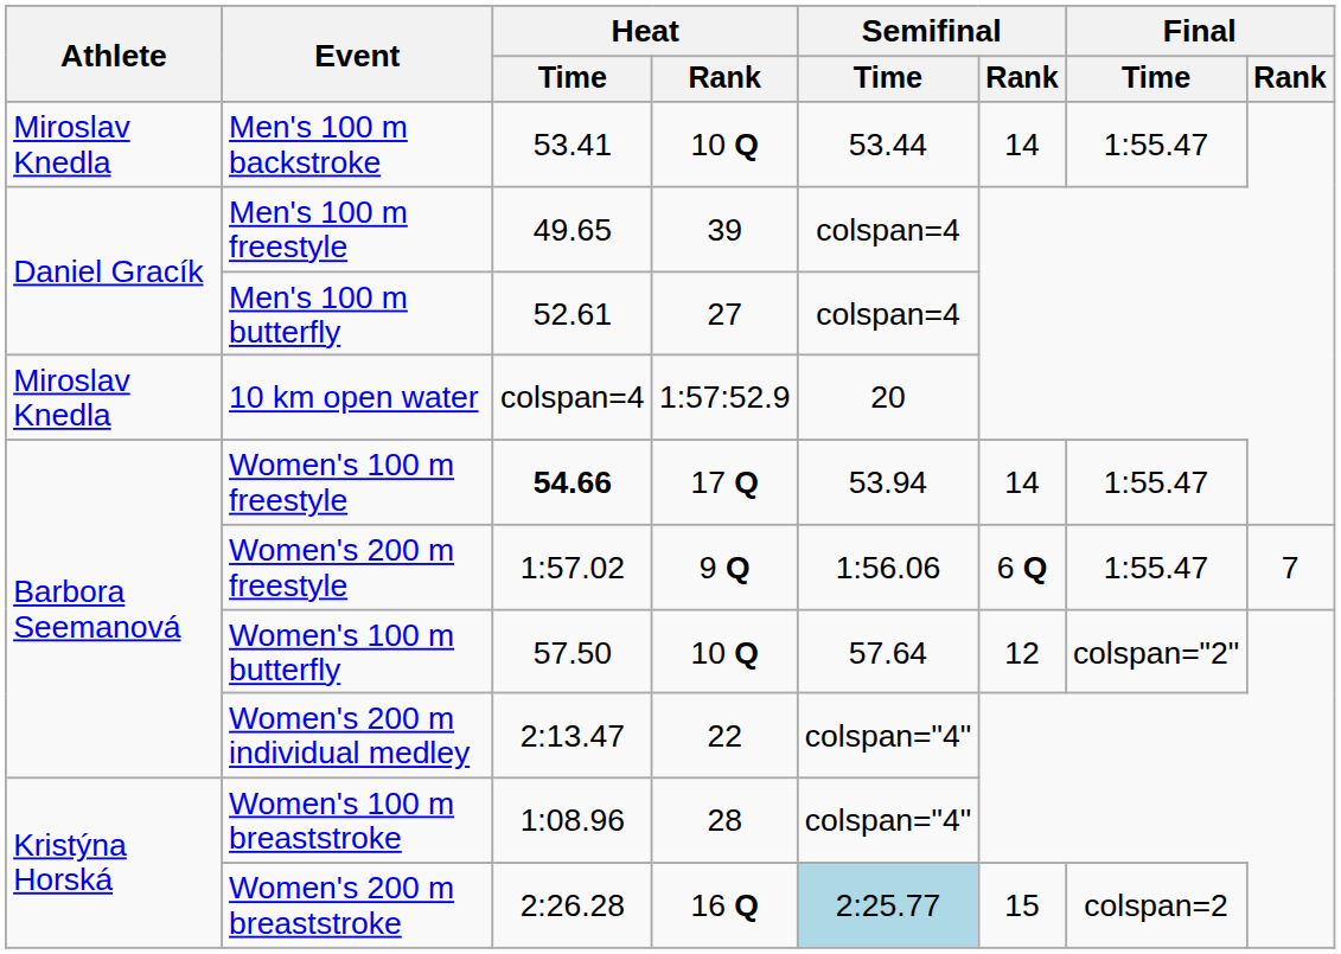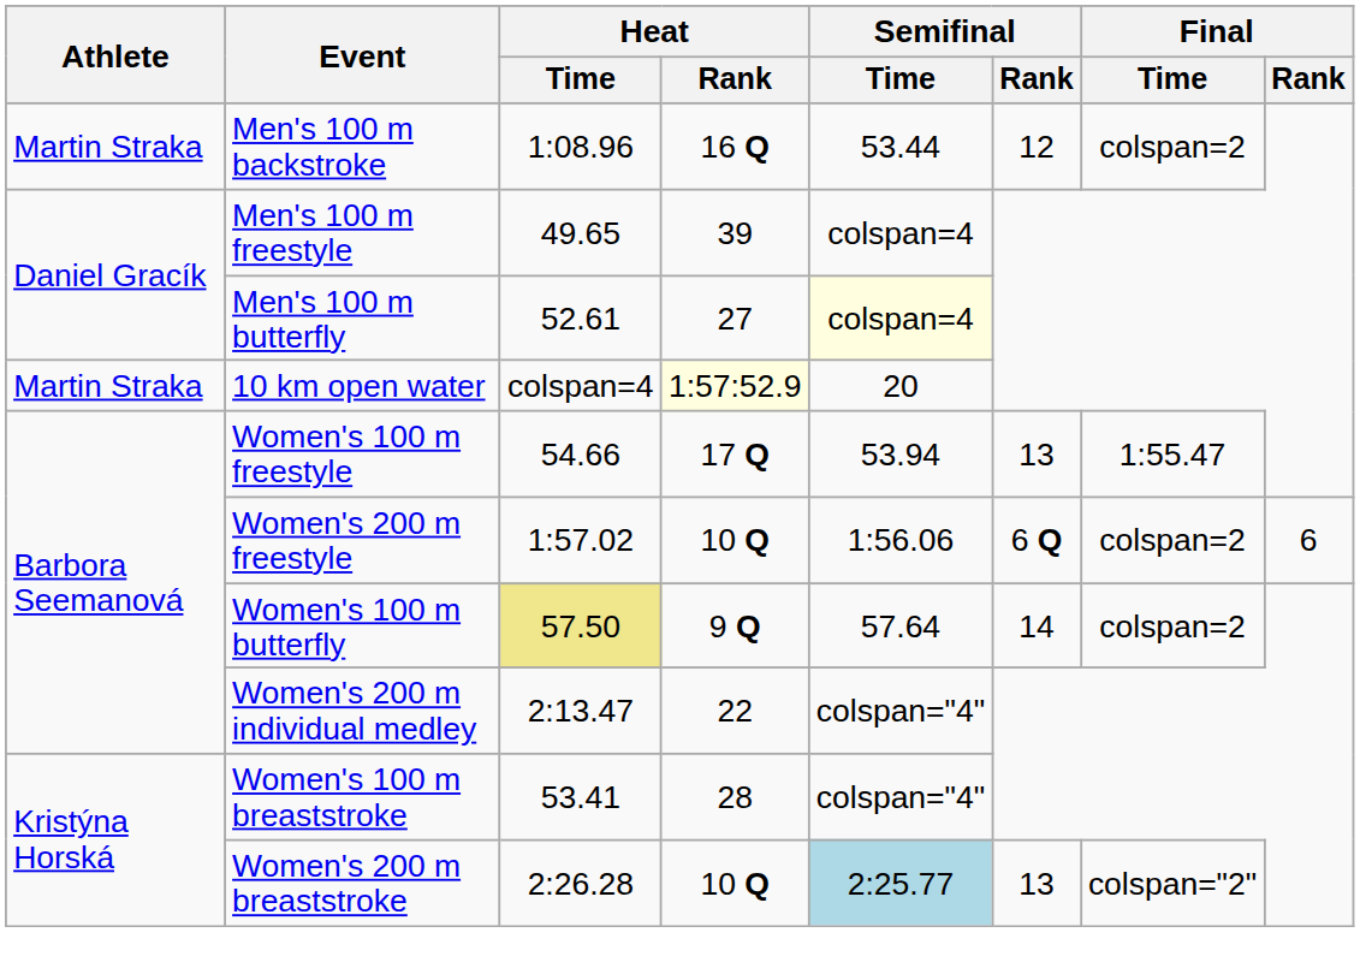 <table class="wikitable" style="font-size:90%;">
 <tr>
 <th rowspan=2>Athlete</th>
 <th rowspan=2>Event</th>
 <th colspan=2>Heat</th>
 <th colspan=2>Semifinal</th>
 <th colspan=2>Final</th>
 </tr>
 <tr style="font-size:95%">
 <th>Time</th>
 <th>Rank</th>
 <th>Time</th>
 <th>Rank</th>
 <th>Time</th>
 <th>Rank</th>
 </tr>
 <tr align="center">
-<td align="left"><a href='#'>Miroslav Knedla</a></td>
+<td align="left"><a href='#'>Martin Straka</a></td>
 <td align="left"><a href='#'>Men's 100 m backstroke</a></td>
-<td>53.41</td>
-<td>10 <strong>Q</strong></td>
+<td>1:08.96</td>
+<td>16 <strong>Q</strong></td>
 <td>53.44</td>
-<td>14</td>
-<td>1:55.47</td>
+<td>12</td>
+<td>colspan=2 </td>
 </tr>
 <tr align="center">
 <td align="left" rowspan=2><a href='#'>Daniel Gracík</a></td>
 <td align="left"><a href='#'>Men's 100 m freestyle</a></td>
 <td>49.65</td>
 <td>39</td>
 <td>colspan=4 </td>
 </tr>
 <tr align="center">
 <td align="left"><a href='#'>Men's 100 m butterfly</a></td>
 <td>52.61</td>
 <td>27</td>
-<td>colspan=4 </td>
+<td style="background: lightyellow;">colspan=4 </td>
 </tr>
 <tr align="center">
-<td align="left"><a href='#'>Miroslav Knedla</a></td>
+<td align="left"><a href='#'>Martin Straka</a></td>
 <td align="left"><a href='#'>10 km open water</a></td>
 <td>colspan=4 </td>
-<td>1:57:52.9</td>
+<td style="background: lightyellow;">1:57:52.9</td>
 <td>20</td>
 </tr>
 <tr align="center">
 <td align="left" rowspan=4><a href='#'>Barbora Seemanová</a></td>
 <td align="left"><a href='#'>Women's 100 m freestyle</a></td>
-<td><strong>54.66</strong></td>
+<td>54.66</td>
 <td>17 <strong>Q</strong></td>
 <td>53.94</td>
-<td>14</td>
+<td>13</td>
 <td>1:55.47</td>
 </tr>
 <tr align="center">
 <td align="left"><a href='#'>Women's 200 m freestyle</a></td>
 <td>1:57.02</td>
-<td>9 <strong>Q</strong></td>
+<td>10 <strong>Q</strong></td>
 <td>1:56.06</td>
 <td>6 <strong>Q</strong></td>
-<td>1:55.47</td>
-<td>7</td>
+<td>colspan=2 </td>
+<td>6</td>
 </tr>
 <tr align="center">
 <td align="left"><a href='#'>Women's 100 m butterfly</a></td>
-<td>57.50</td>
-<td>10 <strong>Q</strong></td>
+<td style="background: khaki;">57.50</td>
+<td>9 <strong>Q</strong></td>
 <td>57.64</td>
-<td>12</td>
-<td>colspan="2" </td>
+<td>14</td>
+<td>colspan=2 </td>
 </tr>
 <tr align="center">
 <td align="left"><a href='#'>Women's 200 m individual medley</a></td>
 <td>2:13.47</td>
 <td>22</td>
 <td>colspan="4" </td>
 </tr>
 <tr align="center">
 <td align="left" rowspan=2><a href='#'>Kristýna Horská</a></td>
 <td align="left"><a href='#'>Women's 100 m breaststroke</a></td>
-<td>1:08.96</td>
+<td>53.41</td>
 <td>28</td>
 <td>colspan="4" </td>
 </tr>
 <tr align="center">
 <td align="left"><a href='#'>Women's 200 m breaststroke</a></td>
 <td>2:26.28</td>
-<td>16 <strong>Q</strong></td>
+<td>10 <strong>Q</strong></td>
 <td style="background: lightblue;">2:25.77</td>
-<td>15</td>
-<td>colspan=2 </td>
+<td>13</td>
+<td>colspan="2" </td>
 </tr>
 </table>
